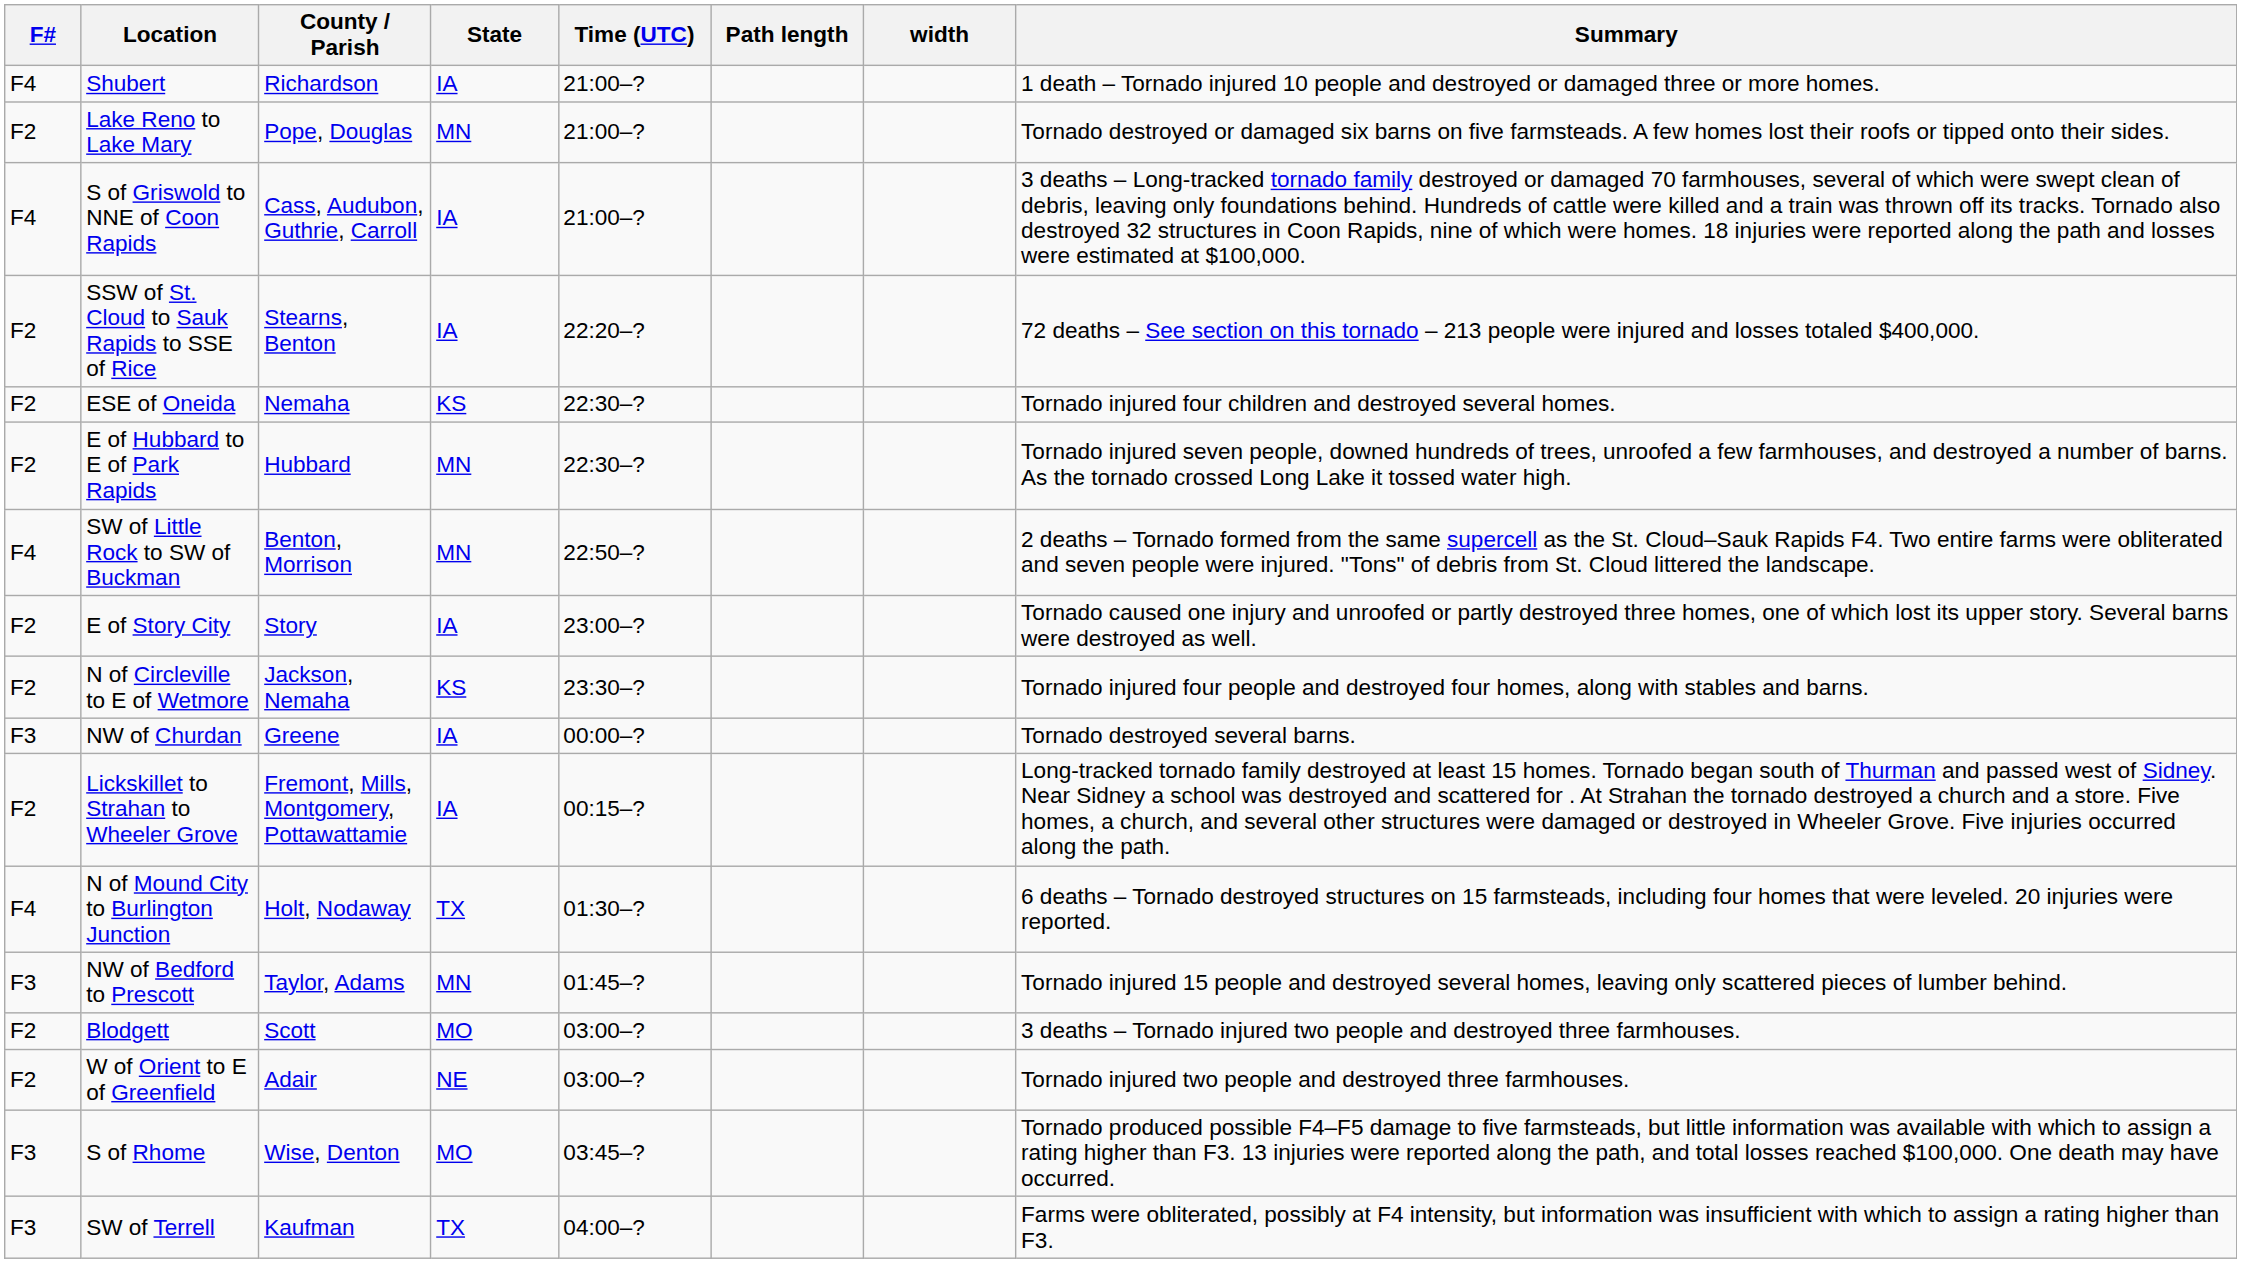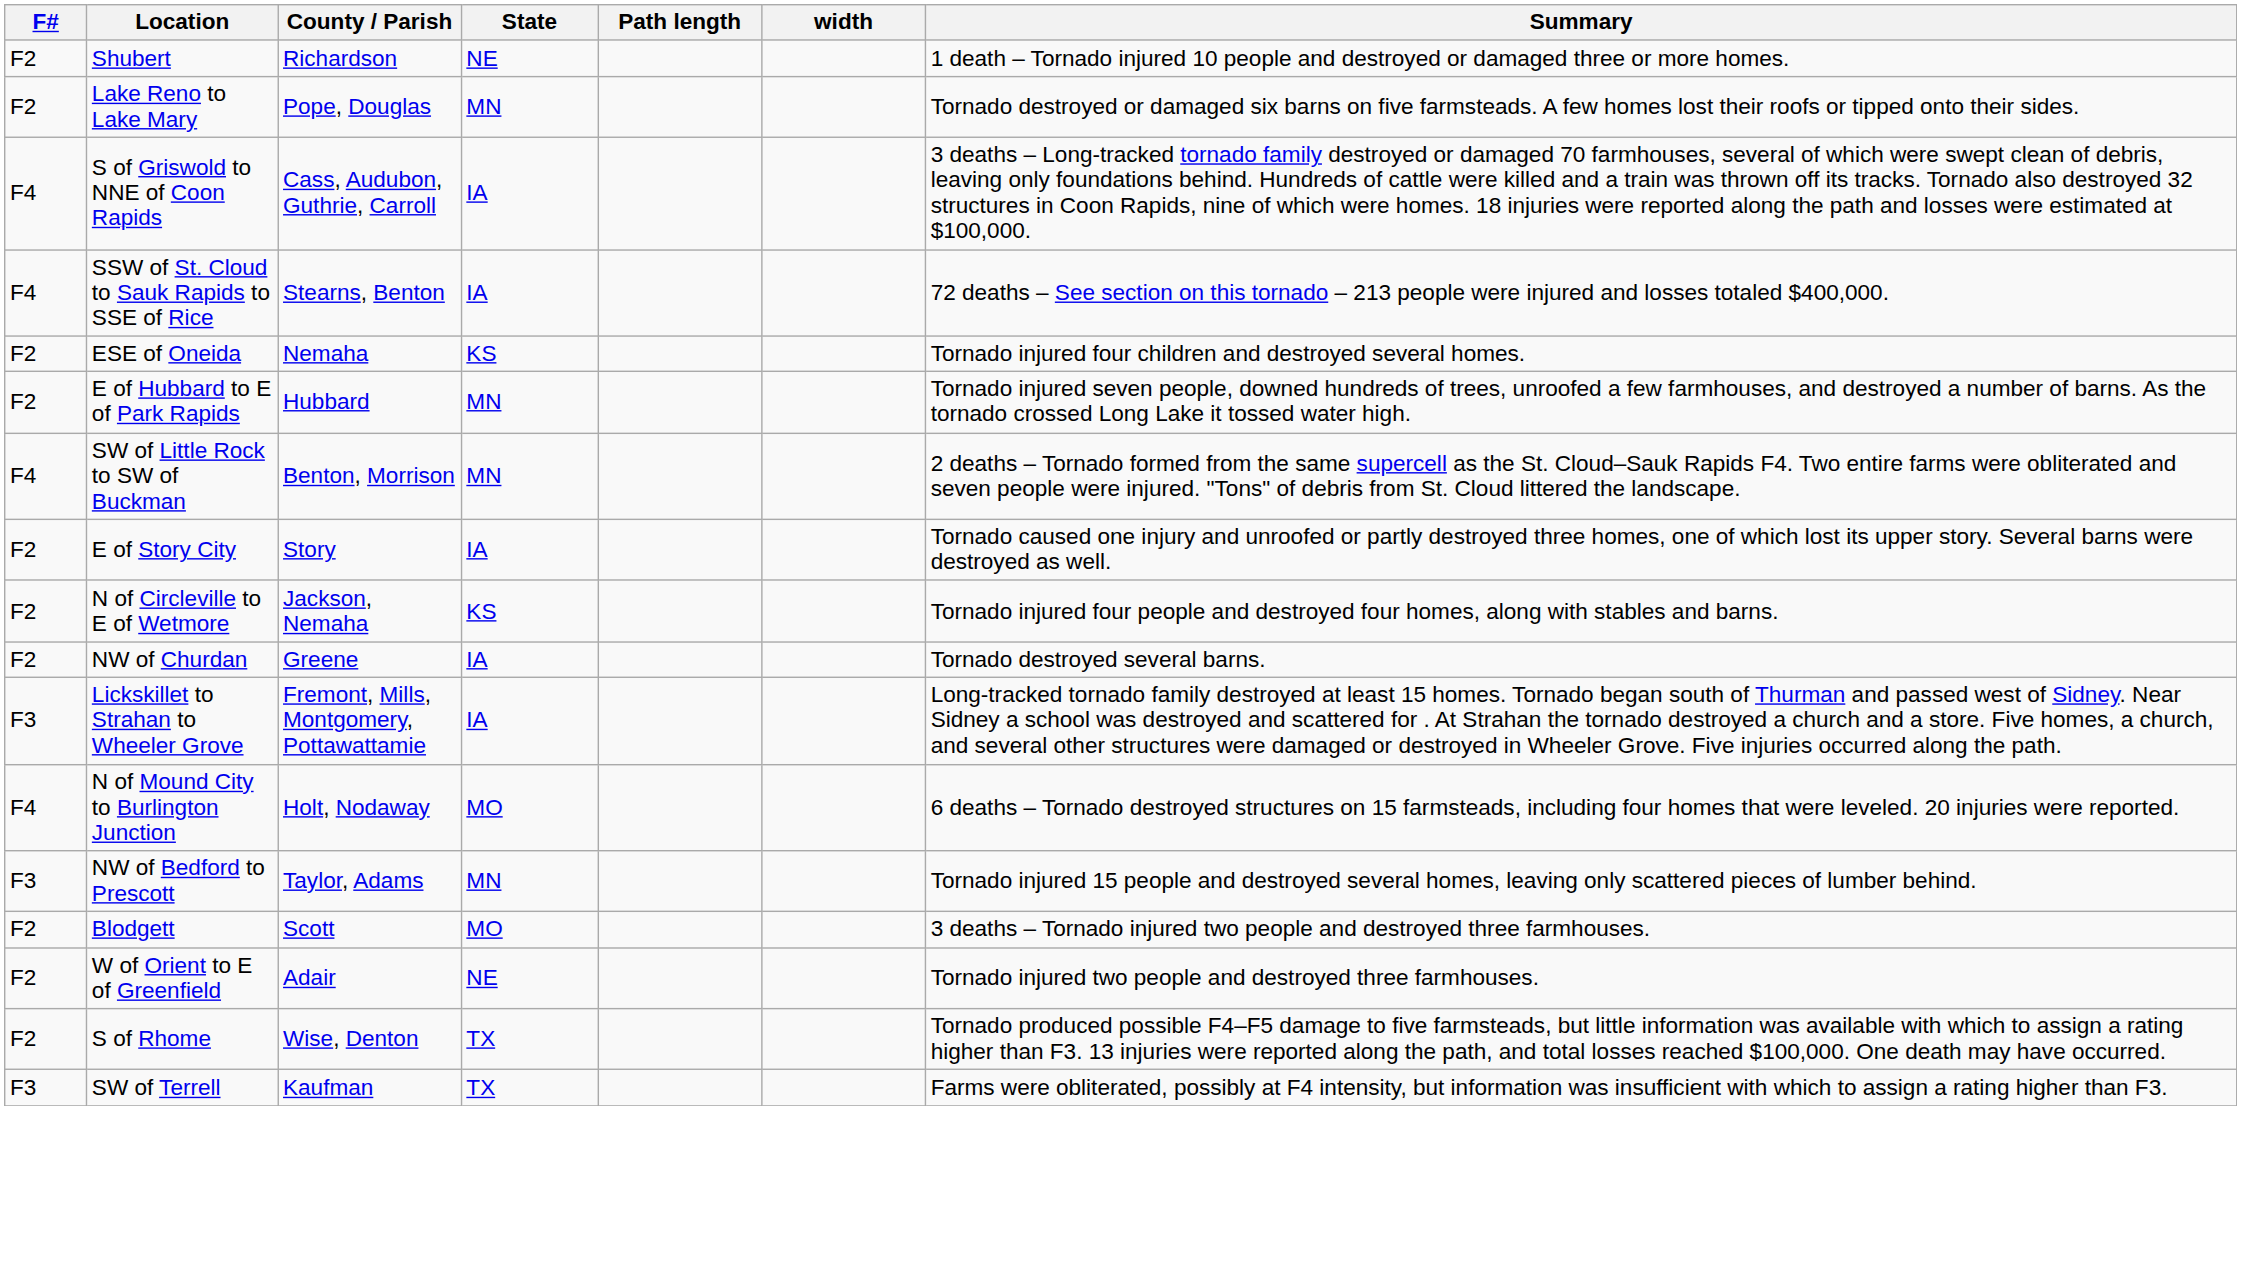 <table class="wikitable sortable" style="width:100%;">
 <tr>
 <th scope="col"  style="width:3%; text-align:center;"><a href='#'>F#</a></th>
 <th scope="col"  style="width:7%; text-align:center;" class="unsortable">Location</th>
 <th scope="col"  style="width:6%; text-align:center;" class="unsortable">County / Parish</th>
 <th scope="col"  style="width:5%; text-align:center;">State</th>
-<th scope="col"  style="width:6%; text-align:center;">Time (<a href='#'>UTC</a>)</th>
 <th scope="col"  style="width:6%; text-align:center;">Path length</th>
 <th scope="col"  style="width:6%; text-align:center;"> width</th>
 <th scope="col" class="unsortable" style="width:48%; text-align:center;">Summary</th>
 </tr>
 <tr>
-<td>F4</td>
+<td>F2</td>
 <td><a href='#'>Shubert</a></td>
 <td><a href='#'>Richardson</a></td>
-<td><a href='#'>IA</a></td>
-<td>21:00–?</td>
+<td><a href='#'>NE</a></td>
 <td></td>
 <td></td>
 <td>1 death – Tornado injured 10 people and destroyed or damaged three or more homes.</td>
 </tr>
 <tr>
 <td>F2</td>
 <td><a href='#'>Lake Reno</a> to <a href='#'>Lake Mary</a></td>
 <td><a href='#'>Pope</a>, <a href='#'>Douglas</a></td>
 <td><a href='#'>MN</a></td>
-<td>21:00–?</td>
 <td></td>
 <td></td>
 <td>Tornado destroyed or damaged six barns on five farmsteads. A few homes lost their roofs or tipped onto their sides.</td>
 </tr>
 <tr>
 <td>F4</td>
 <td>S of <a href='#'>Griswold</a> to NNE of <a href='#'>Coon Rapids</a></td>
 <td><a href='#'>Cass</a>, <a href='#'>Audubon</a>, <a href='#'>Guthrie</a>, <a href='#'>Carroll</a></td>
 <td><a href='#'>IA</a></td>
-<td>21:00–?</td>
 <td></td>
 <td></td>
 <td>3 deaths – Long-tracked <a href='#'>tornado family</a> destroyed or damaged 70 farmhouses, several of which were swept clean of debris, leaving only foundations behind. Hundreds of cattle were killed and a train was thrown off its tracks. Tornado also destroyed 32 structures in Coon Rapids, nine of which were homes. 18 injuries were reported along the path and losses were estimated at $100,000.</td>
 </tr>
 <tr>
-<td>F2</td>
+<td>F4</td>
 <td>SSW of <a href='#'>St. Cloud</a> to <a href='#'>Sauk Rapids</a> to SSE of <a href='#'>Rice</a></td>
 <td><a href='#'>Stearns</a>, <a href='#'>Benton</a></td>
 <td><a href='#'>IA</a></td>
-<td>22:20–?</td>
 <td></td>
 <td></td>
 <td>72 deaths – <a href='#'>See section on this tornado</a> – 213 people were injured and losses totaled $400,000.</td>
 </tr>
 <tr>
 <td>F2</td>
 <td>ESE of <a href='#'>Oneida</a></td>
 <td><a href='#'>Nemaha</a></td>
 <td><a href='#'>KS</a></td>
-<td>22:30–?</td>
 <td></td>
 <td></td>
 <td>Tornado injured four children and destroyed several homes.</td>
 </tr>
 <tr>
 <td>F2</td>
 <td>E of <a href='#'>Hubbard</a> to E of <a href='#'>Park Rapids</a></td>
 <td><a href='#'>Hubbard</a></td>
 <td><a href='#'>MN</a></td>
-<td>22:30–?</td>
 <td></td>
 <td></td>
 <td>Tornado injured seven people, downed hundreds of trees, unroofed a few farmhouses, and destroyed a number of barns. As the tornado crossed Long Lake it tossed water  high.</td>
 </tr>
 <tr>
 <td>F4</td>
 <td>SW of <a href='#'>Little Rock</a> to SW of <a href='#'>Buckman</a></td>
 <td><a href='#'>Benton</a>, <a href='#'>Morrison</a></td>
 <td><a href='#'>MN</a></td>
-<td>22:50–?</td>
 <td></td>
 <td></td>
 <td>2 deaths – Tornado formed from the same <a href='#'>supercell</a> as the St. Cloud–Sauk Rapids F4. Two entire farms were obliterated and seven people were injured. "Tons" of debris from St. Cloud littered the landscape.</td>
 </tr>
 <tr>
 <td>F2</td>
 <td>E of <a href='#'>Story City</a></td>
 <td><a href='#'>Story</a></td>
 <td><a href='#'>IA</a></td>
-<td>23:00–?</td>
 <td></td>
 <td></td>
 <td>Tornado caused one injury and unroofed or partly destroyed three homes, one of which lost its upper story. Several barns were destroyed as well.</td>
 </tr>
 <tr>
 <td>F2</td>
 <td>N of <a href='#'>Circleville</a> to E of <a href='#'>Wetmore</a></td>
 <td><a href='#'>Jackson</a>, <a href='#'>Nemaha</a></td>
 <td><a href='#'>KS</a></td>
-<td>23:30–?</td>
 <td></td>
 <td></td>
 <td>Tornado injured four people and destroyed four homes, along with stables and barns.</td>
 </tr>
 <tr>
-<td>F3</td>
+<td>F2</td>
 <td>NW of <a href='#'>Churdan</a></td>
 <td><a href='#'>Greene</a></td>
 <td><a href='#'>IA</a></td>
-<td>00:00–?</td>
 <td></td>
 <td></td>
 <td>Tornado destroyed several barns.</td>
 </tr>
 <tr>
-<td>F2</td>
+<td>F3</td>
 <td><a href='#'>Lickskillet</a> to <a href='#'>Strahan</a> to <a href='#'>Wheeler Grove</a></td>
 <td><a href='#'>Fremont</a>, <a href='#'>Mills</a>, <a href='#'>Montgomery</a>, <a href='#'>Pottawattamie</a></td>
 <td><a href='#'>IA</a></td>
-<td>00:15–?</td>
 <td></td>
 <td></td>
 <td>Long-tracked tornado family destroyed at least 15 homes. Tornado began south of <a href='#'>Thurman</a> and passed west of <a href='#'>Sidney</a>. Near Sidney a school was destroyed and scattered for . At Strahan the tornado destroyed a church and a store. Five homes, a church, and several other structures were damaged or destroyed in Wheeler Grove. Five injuries occurred along the path.</td>
 </tr>
 <tr>
 <td>F4</td>
 <td>N of <a href='#'>Mound City</a> to <a href='#'>Burlington Junction</a></td>
 <td><a href='#'>Holt</a>, <a href='#'>Nodaway</a></td>
-<td><a href='#'>TX</a></td>
-<td>01:30–?</td>
+<td><a href='#'>MO</a></td>
 <td></td>
 <td></td>
 <td>6 deaths – Tornado destroyed structures on 15 farmsteads, including four homes that were leveled. 20 injuries were reported.</td>
 </tr>
 <tr>
 <td>F3</td>
 <td>NW of <a href='#'>Bedford</a> to <a href='#'>Prescott</a></td>
 <td><a href='#'>Taylor</a>, <a href='#'>Adams</a></td>
 <td><a href='#'>MN</a></td>
-<td>01:45–?</td>
 <td></td>
 <td></td>
 <td>Tornado injured 15 people and destroyed several homes, leaving only scattered pieces of lumber behind.</td>
 </tr>
 <tr>
 <td>F2</td>
 <td><a href='#'>Blodgett</a></td>
 <td><a href='#'>Scott</a></td>
 <td><a href='#'>MO</a></td>
-<td>03:00–?</td>
 <td></td>
 <td></td>
 <td>3 deaths – Tornado injured two people and destroyed three farmhouses.</td>
 </tr>
 <tr>
 <td>F2</td>
 <td>W of <a href='#'>Orient</a> to E of <a href='#'>Greenfield</a></td>
 <td><a href='#'>Adair</a></td>
 <td><a href='#'>NE</a></td>
-<td>03:00–?</td>
 <td></td>
 <td></td>
 <td>Tornado injured two people and destroyed three farmhouses.</td>
 </tr>
 <tr>
-<td>F3</td>
+<td>F2</td>
 <td>S of <a href='#'>Rhome</a></td>
 <td><a href='#'>Wise</a>, <a href='#'>Denton</a></td>
-<td><a href='#'>MO</a></td>
-<td>03:45–?</td>
+<td><a href='#'>TX</a></td>
 <td></td>
 <td></td>
 <td>Tornado produced possible F4–F5 damage to five farmsteads, but little information was available with which to assign a rating higher than F3. 13 injuries were reported along the path, and total losses reached $100,000. One death may have occurred.</td>
 </tr>
 <tr>
 <td>F3</td>
 <td>SW of <a href='#'>Terrell</a></td>
 <td><a href='#'>Kaufman</a></td>
 <td><a href='#'>TX</a></td>
-<td>04:00–?</td>
 <td></td>
 <td></td>
 <td>Farms were obliterated, possibly at F4 intensity, but information was insufficient with which to assign a rating higher than F3.</td>
 </tr>
 </table>
